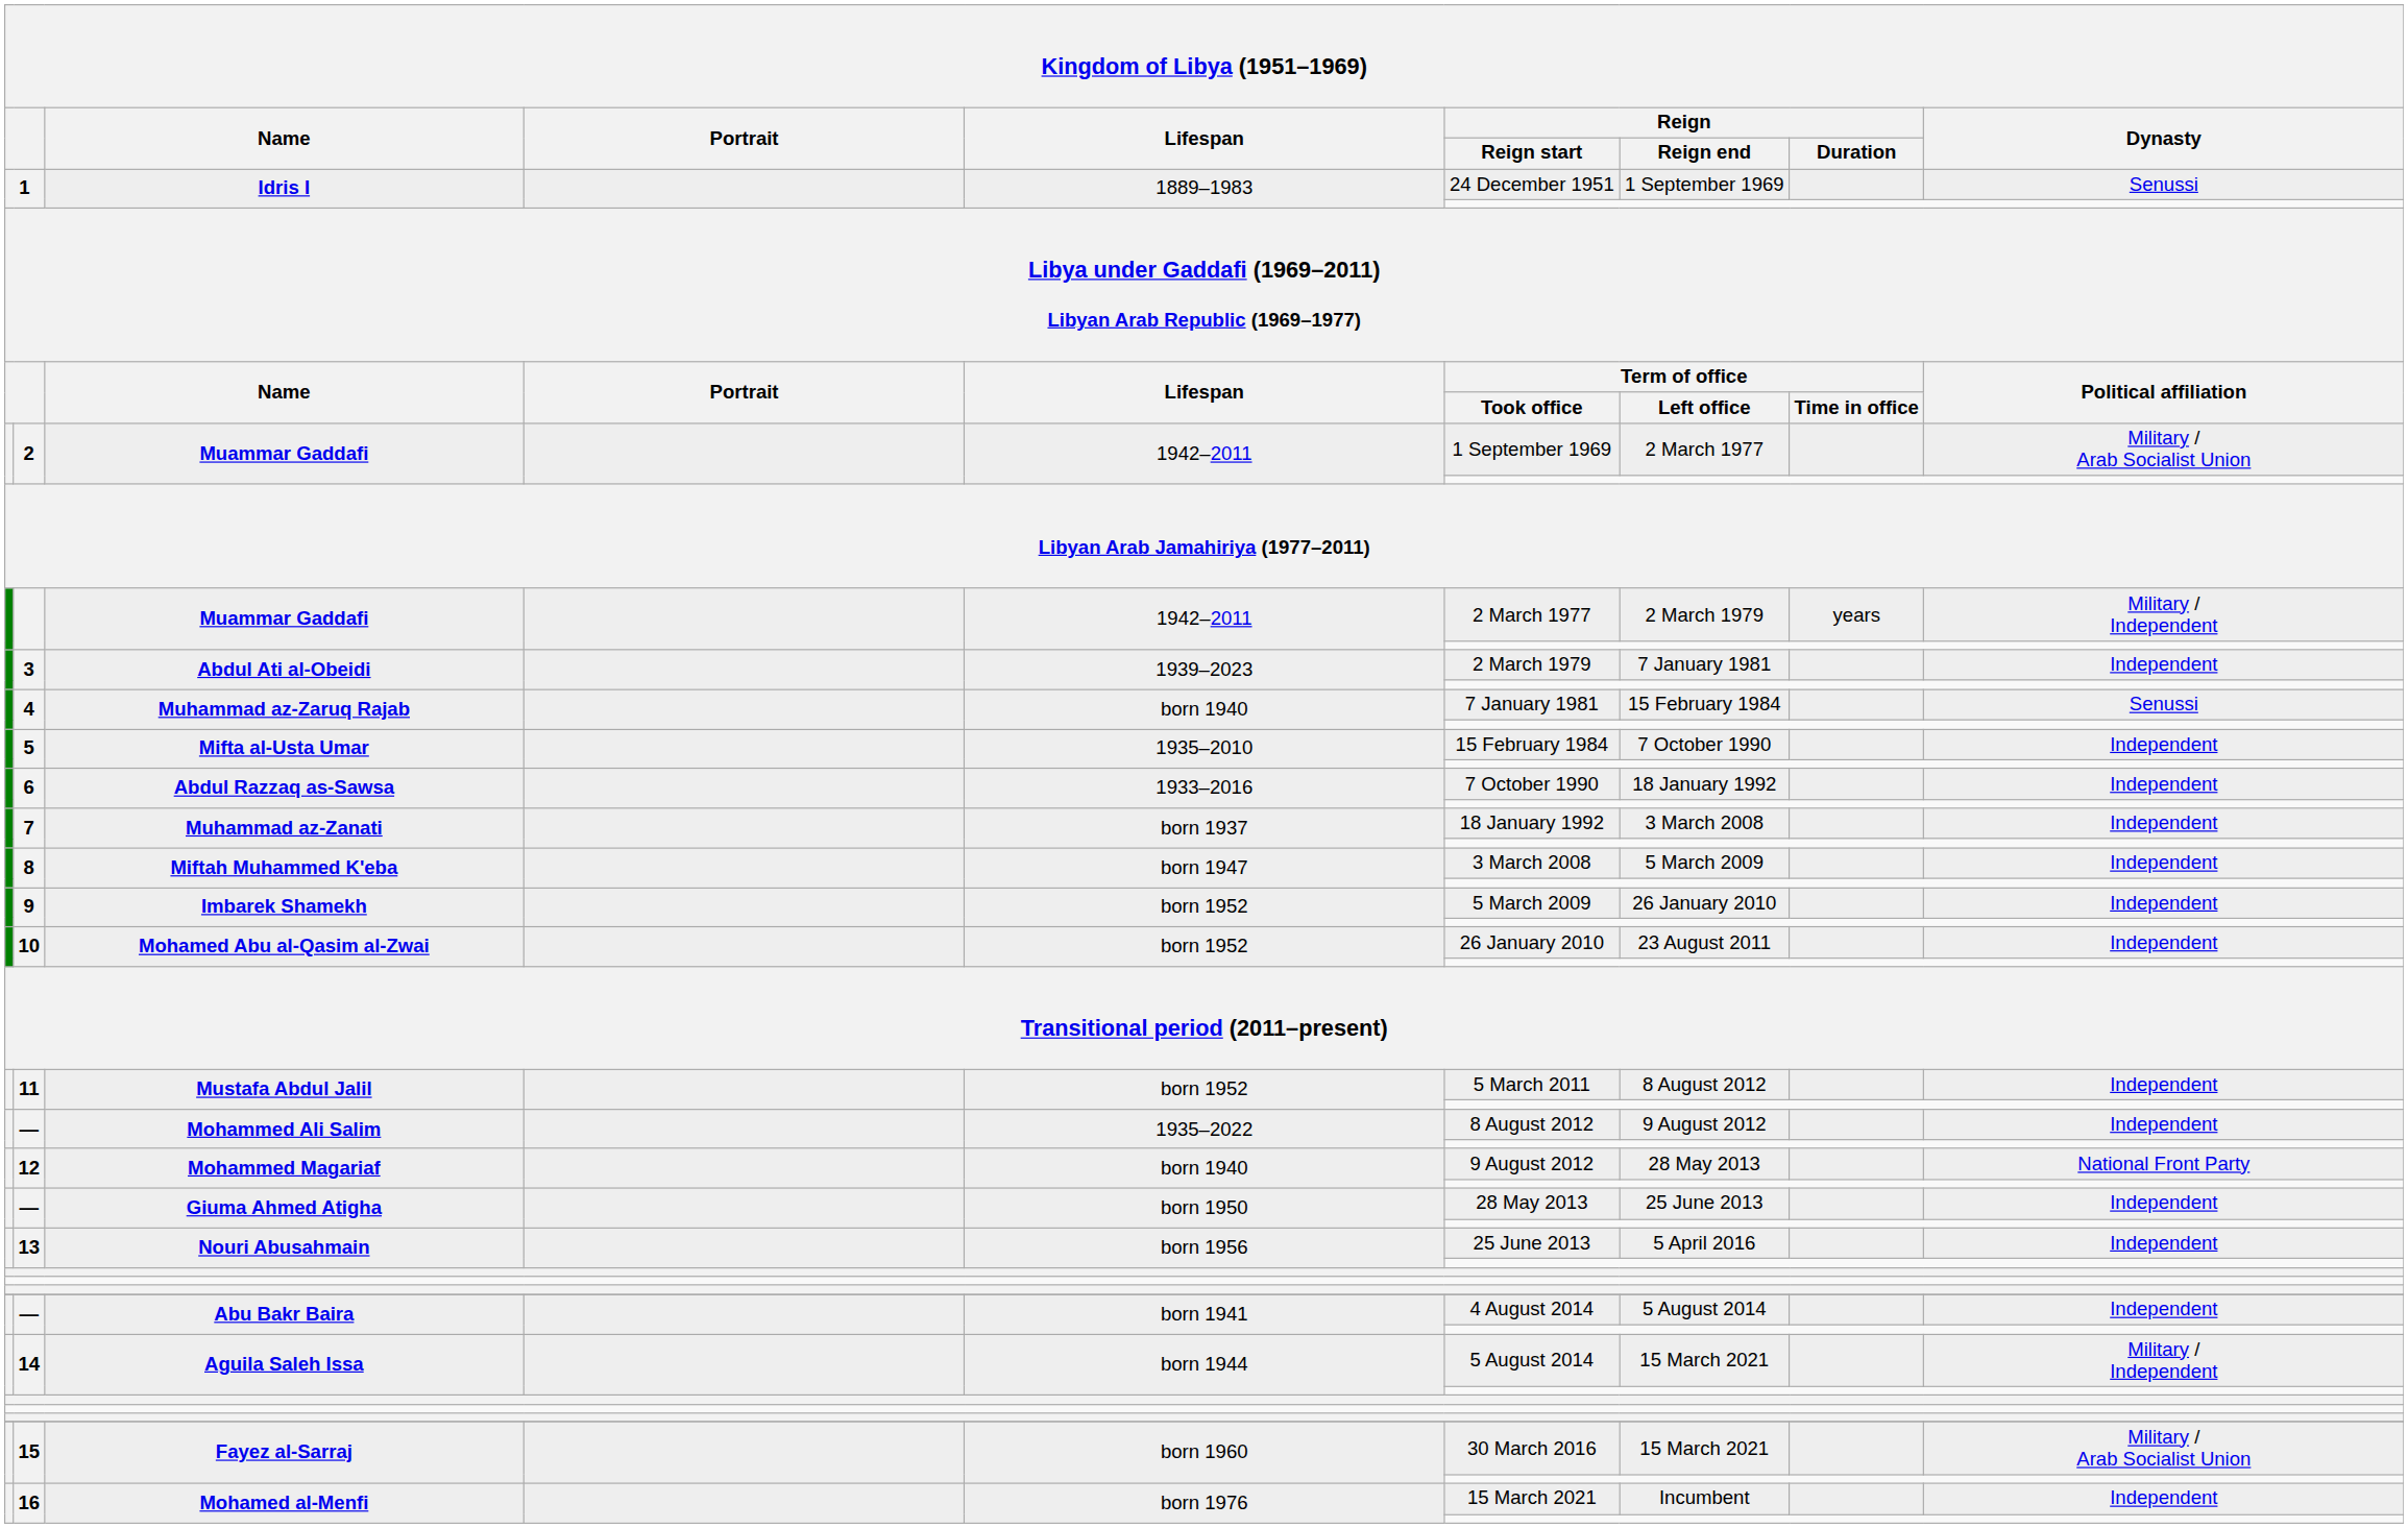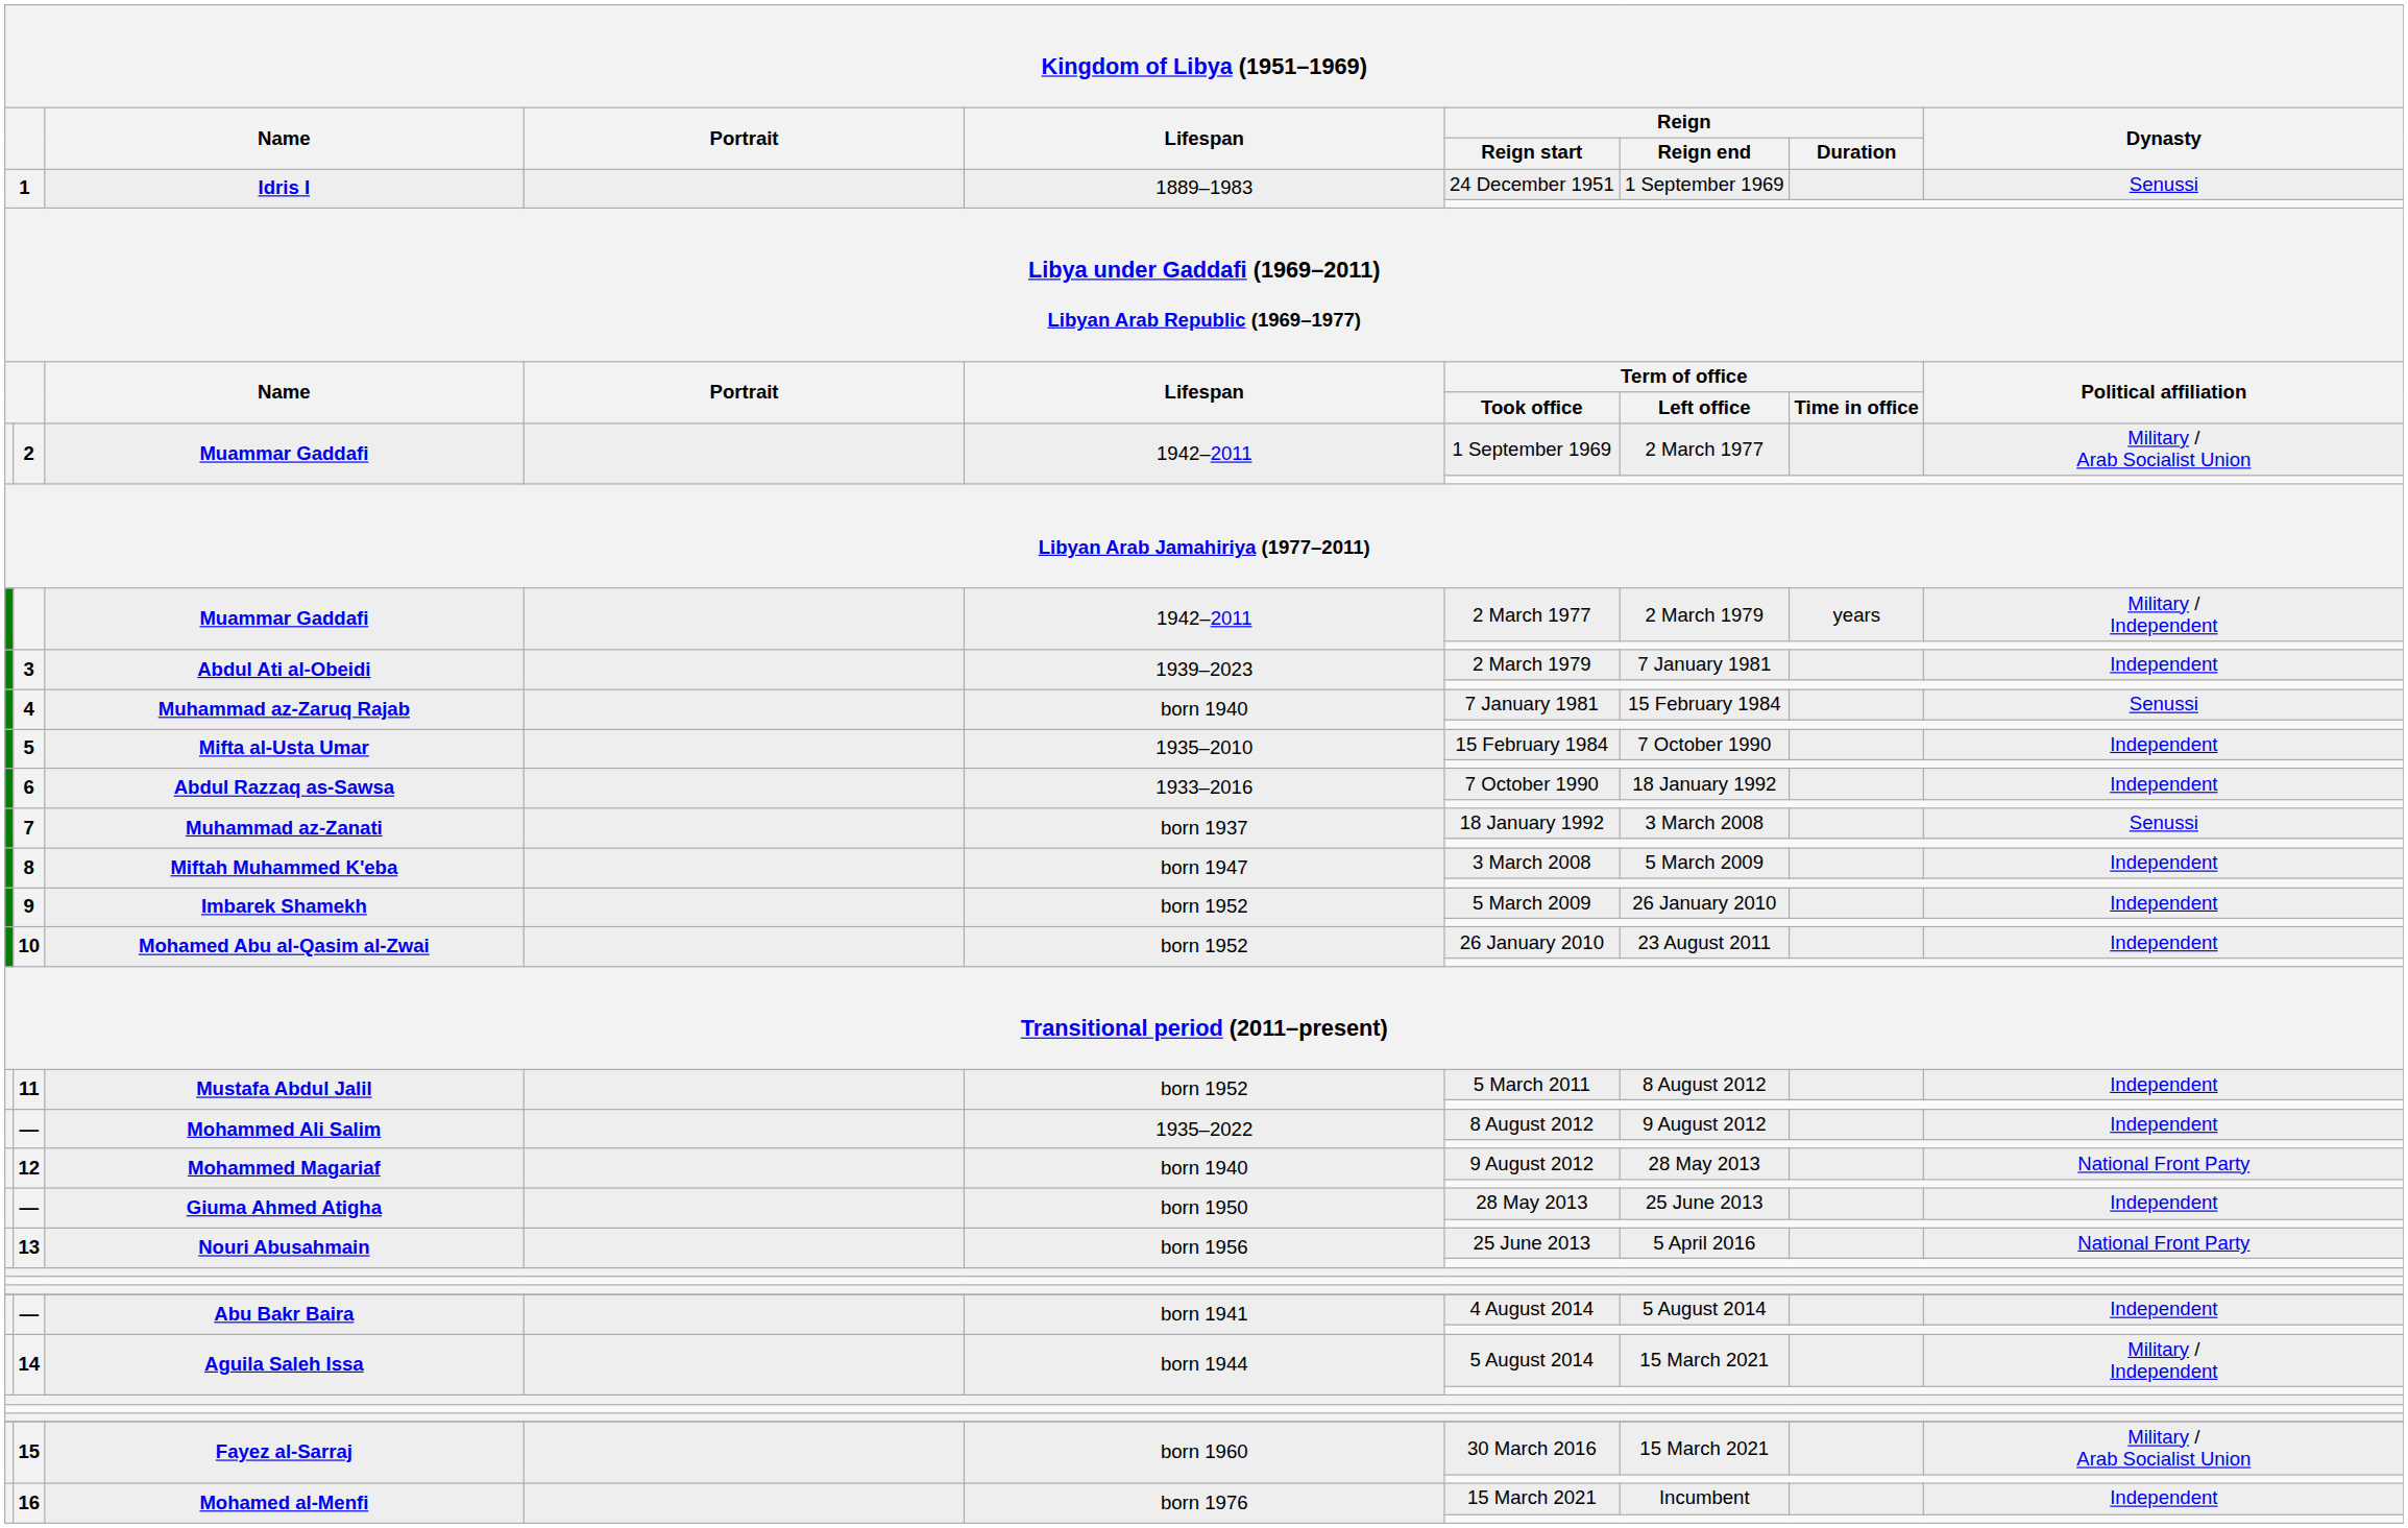 <table class="wikitable" style="text-align:center; width:100%">
 <tr>
 <th colspan=9><br><h3><a href='#'>Kingdom of Libya</a> (1951–1969)</h3></th>
 </tr>
 <tr>
 <th rowspan="2" colspan="2" width="1%"></th>
 <th rowspan="2" width="20%">Name</th>
 <th rowspan="2" width="100px">Portrait</th>
 <th rowspan="2" width="20%">Lifespan</th>
 <th colspan="3" width="20%">Reign</th>
 <th rowspan="2" width="20%">Dynasty</th>
 </tr>
 <tr>
 <th>Reign start</th>
 <th>Reign end</th>
 <th>Duration</th>
 </tr>
 <tr style="background:#EEEEEE">
 <th colspan="2" rowspan="2">1</th>
 <td rowspan="2"><strong><a href='#'>Idris I</a></strong></td>
 <td rowspan="2"></td>
 <td rowspan="2">1889–1983</td>
 <td>24 December 1951</td>
 <td>1 September 1969</td>
 <td></td>
 <td><a href='#'>Senussi</a></td>
 </tr>
 <tr>
 <td colspan="4" align=left></td>
 </tr>
 <tr>
 <th colspan=9><br><h3><a href='#'>Libya under Gaddafi</a> (1969–2011)</h3><h4><a href='#'>Libyan Arab Republic</a> (1969–1977)</h4></th>
 </tr>
 <tr>
 <th rowspan="2" colspan="2" width="1%"></th>
 <th rowspan="2" width="20%">Name</th>
 <th rowspan="2" width="100px">Portrait</th>
 <th rowspan="2" width="20%">Lifespan</th>
 <th colspan="3" width="20%">Term of office</th>
 <th rowspan="2" width="20%">Political affiliation</th>
 </tr>
 <tr>
 <th>Took office</th>
 <th>Left office</th>
 <th>Time in office</th>
 </tr>
 <tr style="background:#EEEEEE">
 <th rowspan="2" style="background:"></th>
 <th rowspan="2">2</th>
 <td rowspan="2"><strong><a href='#'>Muammar Gaddafi</a></strong></td>
 <td rowspan="2"></td>
 <td rowspan="2">1942–<a href='#'>2011</a></td>
 <td>1 September 1969</td>
 <td>2 March 1977</td>
 <td></td>
 <td><a href='#'>Military</a> / <br> <a href='#'>Arab Socialist Union</a></td>
 </tr>
 <tr>
 <td colspan="4" align=left></td>
 </tr>
 <tr>
 <th colspan=9><br><h4><a href='#'>Libyan Arab Jamahiriya</a> (1977–2011)</h4></th>
 </tr>
 <tr style="background:#EEEEEE">
 <th rowspan="2" style="background:green"></th>
 <th rowspan="2"></th>
 <td rowspan="2"><strong><a href='#'>Muammar Gaddafi</a></strong></td>
 <td rowspan="2"></td>
 <td rowspan="2">1942–<a href='#'>2011</a></td>
 <td>2 March 1977</td>
 <td>2 March 1979</td>
 <td> years</td>
 <td><a href='#'>Military</a> / <br> <a href='#'>Independent</a><br></td>
 </tr>
 <tr>
 <td colspan="4" align=left></td>
 </tr>
 <tr style="background:#EEEEEE">
 <th rowspan="2" style="background:green"></th>
 <th rowspan="2">3</th>
 <td rowspan="2"><strong><a href='#'>Abdul Ati al-Obeidi</a></strong></td>
 <td rowspan="2"></td>
 <td rowspan="2">1939–2023</td>
 <td>2 March 1979</td>
 <td>7 January 1981</td>
 <td></td>
 <td><a href='#'>Independent</a><br></td>
 </tr>
 <tr>
 <td colspan="4" align=left></td>
 </tr>
 <tr style="background:#EEEEEE">
 <th rowspan="2" style="background:green"></th>
 <th rowspan="2">4</th>
 <td rowspan="2"><strong><a href='#'>Muhammad az-Zaruq Rajab</a></strong></td>
 <td rowspan="2"></td>
 <td rowspan="2">born 1940</td>
 <td>7 January 1981</td>
 <td>15 February 1984</td>
 <td></td>
 <td><a href='#'>Senussi</a></td>
 </tr>
 <tr>
 <td colspan="4" align=left></td>
 </tr>
 <tr style="background:#EEEEEE">
 <th rowspan="2" style="background:green"></th>
 <th rowspan="2">5</th>
 <td rowspan="2"><strong><a href='#'>Mifta al-Usta Umar</a></strong></td>
 <td rowspan="2"></td>
 <td rowspan="2">1935–2010</td>
 <td>15 February 1984</td>
 <td>7 October 1990</td>
 <td></td>
 <td><a href='#'>Independent</a><br></td>
 </tr>
 <tr>
 <td colspan="4" align=left></td>
 </tr>
 <tr style="background:#EEEEEE">
 <th rowspan="2" style="background:green"></th>
 <th rowspan="2">6</th>
 <td rowspan="2"><strong><a href='#'>Abdul Razzaq as-Sawsa</a></strong></td>
 <td rowspan="2"></td>
 <td rowspan="2">1933–2016</td>
 <td>7 October 1990</td>
 <td>18 January 1992</td>
 <td></td>
 <td><a href='#'>Independent</a><br></td>
 </tr>
 <tr>
 <td colspan="4" align=left></td>
 </tr>
 <tr style="background:#EEEEEE">
 <th rowspan="2" style="background:green"></th>
 <th rowspan="2">7</th>
 <td rowspan="2"><strong><a href='#'>Muhammad az-Zanati</a></strong></td>
 <td rowspan="2"></td>
 <td rowspan="2">born 1937</td>
 <td>18 January 1992</td>
 <td>3 March 2008</td>
 <td></td>
-<td><a href='#'>Independent</a><br></td>
+<td><a href='#'>Senussi</a></td>
 </tr>
 <tr>
 <td colspan="4" align=left></td>
 </tr>
 <tr style="background:#EEEEEE">
 <th rowspan="2" style="background:green"></th>
 <th rowspan="2">8</th>
 <td rowspan="2"><strong><a href='#'>Miftah Muhammed K'eba</a></strong></td>
 <td rowspan="2"></td>
 <td rowspan="2">born 1947</td>
 <td>3 March 2008</td>
 <td>5 March 2009</td>
 <td></td>
 <td><a href='#'>Independent</a><br></td>
 </tr>
 <tr>
 <td colspan="4" align=left></td>
 </tr>
 <tr style="background:#EEEEEE">
 <th rowspan="2" style="background:green"></th>
 <th rowspan="2">9</th>
 <td rowspan="2"><strong><a href='#'>Imbarek Shamekh</a></strong></td>
 <td rowspan="2"></td>
 <td rowspan="2">born 1952</td>
 <td>5 March 2009</td>
 <td>26 January 2010</td>
 <td></td>
 <td><a href='#'>Independent</a><br></td>
 </tr>
 <tr>
 <td colspan="4" align=left></td>
 </tr>
 <tr style="background:#EEEEEE">
 <th rowspan="2" style="background:green"></th>
 <th rowspan="2">10</th>
 <td rowspan="2"><strong><a href='#'>Mohamed Abu al-Qasim al-Zwai</a></strong></td>
 <td rowspan="2"></td>
 <td rowspan="2">born 1952</td>
 <td>26 January 2010</td>
 <td>23 August 2011</td>
 <td></td>
 <td><a href='#'>Independent</a><br></td>
 </tr>
 <tr>
 <td colspan="4" align=left></td>
 </tr>
 <tr>
 <th colspan=9><br><h3><a href='#'>Transitional period</a> (2011–present)</h3></th>
 </tr>
 <tr style="background:#EEEEEE">
 <th rowspan="2" style="background:"></th>
 <th rowspan="2">11</th>
 <td rowspan="2"><strong><a href='#'>Mustafa Abdul Jalil</a></strong></td>
 <td rowspan="2"></td>
 <td rowspan="2">born 1952</td>
 <td>5 March 2011</td>
 <td>8 August 2012</td>
 <td></td>
 <td><a href='#'>Independent</a></td>
 </tr>
 <tr>
 <td colspan="4" align=left></td>
 </tr>
 <tr style="background:#EEEEEE">
 <th rowspan="2" style="background:"></th>
 <th rowspan="2">—</th>
 <td rowspan="2"><strong><a href='#'>Mohammed Ali Salim</a></strong></td>
 <td rowspan="2"></td>
 <td rowspan="2">1935–2022</td>
 <td>8 August 2012</td>
 <td>9 August 2012</td>
 <td></td>
 <td><a href='#'>Independent</a></td>
 </tr>
 <tr>
 <td colspan="4" align=left></td>
 </tr>
 <tr style="background:#EEEEEE">
 <th rowspan="2" style="background:"></th>
 <th rowspan="2">12</th>
 <td rowspan="2"><strong><a href='#'>Mohammed Magariaf</a></strong></td>
 <td rowspan="2"></td>
 <td rowspan="2">born 1940</td>
 <td>9 August 2012</td>
 <td>28 May 2013</td>
 <td></td>
 <td><a href='#'>National Front Party</a></td>
 </tr>
 <tr>
 <td colspan="4" align=left></td>
 </tr>
 <tr style="background:#EEEEEE">
 <th rowspan="2" style="background:"></th>
 <th rowspan="2">—</th>
 <td rowspan="2"><strong><a href='#'>Giuma Ahmed Atigha</a></strong></td>
 <td rowspan="2"></td>
 <td rowspan="2">born 1950</td>
 <td>28 May 2013</td>
 <td>25 June 2013</td>
 <td></td>
 <td><a href='#'>Independent</a></td>
 </tr>
 <tr>
 <td colspan="4" align=left></td>
 </tr>
 <tr style="background:#EEEEEE">
 <th rowspan="2" style="background:"></th>
 <th rowspan="2">13</th>
 <td rowspan="2"><strong><a href='#'>Nouri Abusahmain</a></strong></td>
 <td rowspan="2"></td>
 <td rowspan="2">born 1956</td>
 <td>25 June 2013</td>
 <td>5 April 2016</td>
 <td></td>
-<td><a href='#'>Independent</a></td>
+<td><a href='#'>National Front Party</a></td>
 </tr>
 <tr>
 <td colspan="4" align=left></td>
 </tr>
 <tr>
 <th colspan=9></th>
 </tr>
 <tr>
 <td colspan="9"></td>
 </tr>
 <tr>
 <th colspan=9></th>
 </tr>
 <tr>
 </tr>
 <tr style="background:#EEEEEE">
 <th rowspan="2" style="background:"></th>
 <th rowspan="2">—</th>
 <td rowspan="2"><strong><a href='#'>Abu Bakr Baira</a></strong></td>
 <td rowspan="2"></td>
 <td rowspan="2">born 1941</td>
 <td>4 August 2014</td>
 <td>5 August 2014</td>
 <td></td>
 <td><a href='#'>Independent</a></td>
 </tr>
 <tr>
 <td colspan="4" align=left></td>
 </tr>
 <tr style="background:#EEEEEE">
 <th rowspan="2" style="background:"></th>
 <th rowspan="2">14</th>
 <td rowspan="2"><strong><a href='#'>Aguila Saleh Issa</a></strong></td>
 <td rowspan="2"></td>
 <td rowspan="2">born 1944</td>
 <td>5 August 2014</td>
 <td>15 March 2021</td>
 <td></td>
 <td><a href='#'>Military</a> / <br> <a href='#'>Independent</a><br></td>
 </tr>
 <tr>
 <td colspan="4" align=left></td>
 </tr>
 <tr>
 <th colspan=9></th>
 </tr>
 <tr>
 <td colspan="9"></td>
 </tr>
 <tr>
 <th colspan=9></th>
 </tr>
 <tr>
 </tr>
 <tr style="background:#EEEEEE">
 <th rowspan="2" style="background:"></th>
 <th rowspan="2">15</th>
 <td rowspan="2"><strong><a href='#'>Fayez al-Sarraj</a></strong></td>
 <td rowspan="2"></td>
 <td rowspan="2">born 1960</td>
 <td>30 March 2016</td>
 <td>15 March 2021</td>
 <td></td>
 <td><a href='#'>Military</a> / <br> <a href='#'>Arab Socialist Union</a></td>
 </tr>
 <tr>
 <td colspan="4" align=left></td>
 </tr>
 <tr style="background:#EEEEEE">
 <th rowspan="2" style="background:"></th>
 <th rowspan="2">16</th>
 <td rowspan="2"><strong><a href='#'>Mohamed al-Menfi</a></strong></td>
 <td rowspan="2"></td>
 <td rowspan="2">born 1976</td>
 <td>15 March 2021</td>
 <td>Incumbent</td>
 <td></td>
 <td><a href='#'>Independent</a></td>
 </tr>
 <tr>
 <td colspan="4" align=left></td>
 </tr>
 </table>
